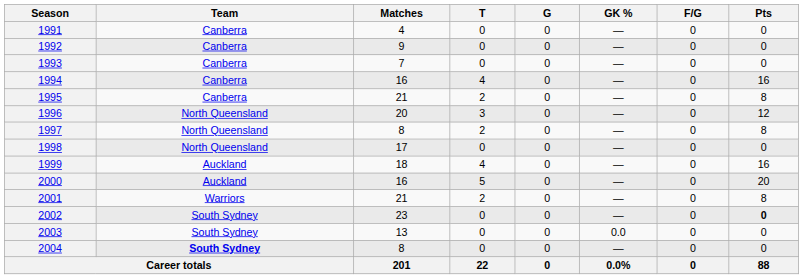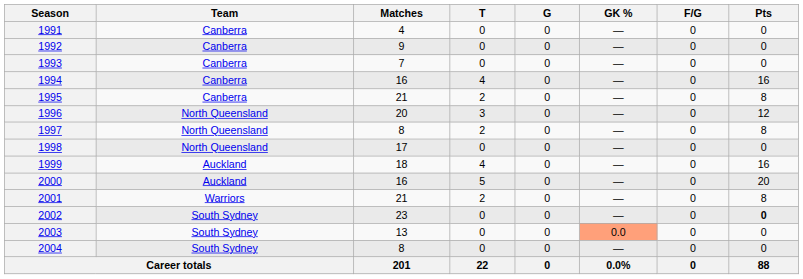 <table class="wikitable sortable"  style="font-size:90%; text-align:center; width:85%;">
 <tr>
 <th width=2%>Season</th>
 <th width=8%>Team</th>
 <th width=2%>Matches</th>
 <th width=2%>T</th>
 <th width=2%>G</th>
 <th width=2%>GK %</th>
 <th width=2%>F/G</th>
 <th width=2%>Pts</th>
 </tr>
 <tr>
 <th scope="row" style="text-align:center; font-weight:normal"><a href='#'>1991</a></th>
 <td style="text-align:center;"> <a href='#'>Canberra</a></td>
 <td>4</td>
 <td>0</td>
 <td>0</td>
 <td>—</td>
 <td>0</td>
 <td>0</td>
 </tr>
 <tr style="background-color: #EAEAEA">
 <th scope="row" style="text-align:center; font-weight:normal"><a href='#'>1992</a></th>
 <td style="text-align:center;"> <a href='#'>Canberra</a></td>
 <td>9</td>
 <td>0</td>
 <td>0</td>
 <td>—</td>
 <td>0</td>
 <td>0</td>
 </tr>
 <tr>
 <th scope="row" style="text-align:center; font-weight:normal"><a href='#'>1993</a></th>
 <td style="text-align:center;"> <a href='#'>Canberra</a></td>
 <td>7</td>
 <td>0</td>
 <td>0</td>
 <td>—</td>
 <td>0</td>
 <td>0</td>
 </tr>
 <tr style="background-color: #EAEAEA">
 <th scope="row" style="text-align:center; font-weight:normal"><a href='#'>1994</a></th>
 <td style="text-align:center;"> <a href='#'>Canberra</a></td>
 <td>16</td>
 <td>4</td>
 <td>0</td>
 <td>—</td>
 <td>0</td>
 <td>16</td>
 </tr>
 <tr>
 <th scope="row" style="text-align:center; font-weight:normal"><a href='#'>1995</a></th>
 <td style="text-align:center;"> <a href='#'>Canberra</a></td>
 <td>21</td>
 <td>2</td>
 <td>0</td>
 <td>—</td>
 <td>0</td>
 <td>8</td>
 </tr>
 <tr style="background-color: #EAEAEA">
 <th scope="row" style="text-align:center; font-weight:normal"><a href='#'>1996</a></th>
 <td style="text-align:center;"> <a href='#'>North Queensland</a></td>
 <td>20</td>
 <td>3</td>
 <td>0</td>
 <td>—</td>
 <td>0</td>
 <td>12</td>
 </tr>
 <tr>
 <th scope="row" style="text-align:center; font-weight:normal"><a href='#'>1997</a></th>
 <td style="text-align:center;"> <a href='#'>North Queensland</a></td>
 <td>8</td>
 <td>2</td>
 <td>0</td>
 <td>—</td>
 <td>0</td>
 <td>8</td>
 </tr>
 <tr style="background-color: #EAEAEA">
 <th scope="row" style="text-align:center; font-weight:normal"><a href='#'>1998</a></th>
 <td style="text-align:center;"> <a href='#'>North Queensland</a></td>
 <td>17</td>
 <td>0</td>
 <td>0</td>
 <td>—</td>
 <td>0</td>
 <td>0</td>
 </tr>
 <tr>
 <th scope="row" style="text-align:center; font-weight:normal"><a href='#'>1999</a></th>
 <td style="text-align:center;"> <a href='#'>Auckland</a></td>
 <td>18</td>
 <td>4</td>
 <td>0</td>
 <td>—</td>
 <td>0</td>
 <td>16</td>
 </tr>
 <tr style="background-color: #EAEAEA">
 <th scope="row" style="text-align:center; font-weight:normal"><a href='#'>2000</a></th>
 <td style="text-align:center;"> <a href='#'>Auckland</a></td>
 <td>16</td>
 <td>5</td>
 <td>0</td>
 <td>—</td>
 <td>0</td>
 <td>20</td>
 </tr>
 <tr>
 <th scope="row" style="text-align:center; font-weight:normal"><a href='#'>2001</a></th>
 <td style="text-align:center;"> <a href='#'>Warriors</a></td>
 <td>21</td>
 <td>2</td>
 <td>0</td>
 <td>—</td>
 <td>0</td>
 <td>8</td>
 </tr>
 <tr style="background-color: #EAEAEA">
 <th scope="row" style="text-align:center; font-weight:normal"><a href='#'>2002</a></th>
 <td style="text-align:center;"> <a href='#'>South Sydney</a></td>
 <td>23</td>
 <td>0</td>
 <td>0</td>
 <td>—</td>
 <td>0</td>
 <td><strong>0</strong></td>
 </tr>
 <tr>
 <th scope="row" style="text-align:center; font-weight:normal"><a href='#'>2003</a></th>
 <td style="text-align:center;"> <a href='#'>South Sydney</a></td>
 <td>13</td>
 <td>0</td>
 <td>0</td>
-<td>0.0</td>
+<td style="background: lightsalmon;">0.0</td>
 <td>0</td>
 <td>0</td>
 </tr>
 <tr style="background-color: #EAEAEA">
 <th scope="row" style="text-align:center; font-weight:normal"><a href='#'>2004</a></th>
-<td style="text-align:center;"><strong> <a href='#'>South Sydney</a></strong></td>
+<td style="text-align:center;"> <a href='#'>South Sydney</a></td>
 <td>8</td>
 <td>0</td>
 <td>0</td>
 <td>—</td>
 <td>0</td>
 <td>0</td>
 </tr>
 <tr class="sortbottom">
 <th colspan=2>Career totals</th>
 <th>201</th>
 <th>22</th>
 <th>0</th>
 <th>0.0%</th>
 <th>0</th>
 <th>88</th>
 </tr>
 </table>
